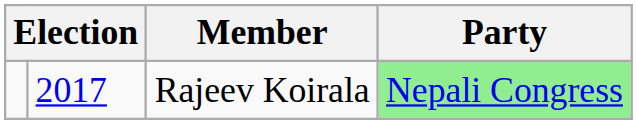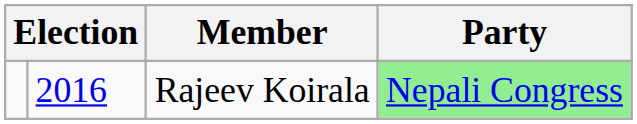 <table class="wikitable">
 <tr>
 <th colspan="2">Election</th>
 <th>Member</th>
 <th>Party</th>
 </tr>
 <tr>
 <td style="background-color:"></td>
-<td><a href='#'>2017</a></td>
+<td><a href='#'>2016</a></td>
 <td>Rajeev Koirala</td>
 <td style="background: lightgreen;"><a href='#'>Nepali Congress</a></td>
 </tr>
 </table>
